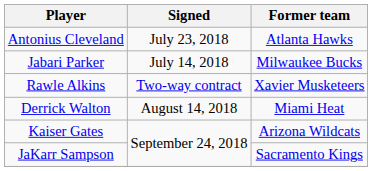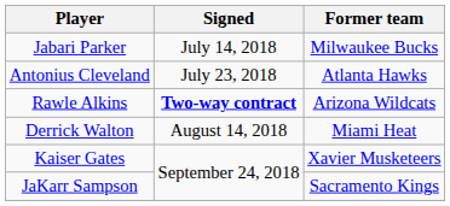 <table class="wikitable sortable sortable" style="text-align: center">
 <tr>
 <th>Player</th>
 <th>Signed</th>
 <th>Former team</th>
 </tr>
 <tr>
+<td><a href='#'>Jabari Parker</a></td>
+<td>July 14, 2018</td>
+<td><a href='#'>Milwaukee Bucks</a></td>
+</tr>
+<tr>
 <td><a href='#'>Antonius Cleveland</a></td>
 <td>July 23, 2018</td>
 <td><a href='#'>Atlanta Hawks</a></td>
 </tr>
 <tr>
-<td><a href='#'>Jabari Parker</a></td>
-<td>July 14, 2018</td>
-<td><a href='#'>Milwaukee Bucks</a></td>
-</tr>
-<tr>
 <td><a href='#'>Rawle Alkins</a></td>
-<td><a href='#'>Two-way contract</a></td>
-<td><a href='#'>Xavier Musketeers</a></td>
+<td><strong><a href='#'>Two-way contract</a></strong></td>
+<td><a href='#'>Arizona Wildcats</a></td>
 </tr>
 <tr>
 <td><a href='#'>Derrick Walton</a></td>
 <td>August 14, 2018</td>
 <td><a href='#'>Miami Heat</a></td>
 </tr>
 <tr>
 <td><a href='#'>Kaiser Gates</a></td>
 <td rowspan=2>September 24, 2018</td>
-<td><a href='#'>Arizona Wildcats</a></td>
+<td><a href='#'>Xavier Musketeers</a></td>
 </tr>
 <tr>
 <td><a href='#'>JaKarr Sampson</a></td>
 <td><a href='#'>Sacramento Kings</a></td>
 </tr>
 <tr>
 </tr>
 </table>
